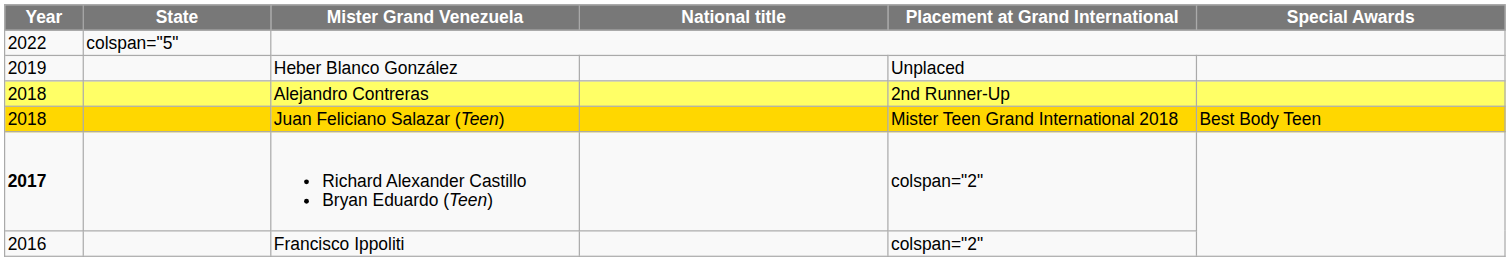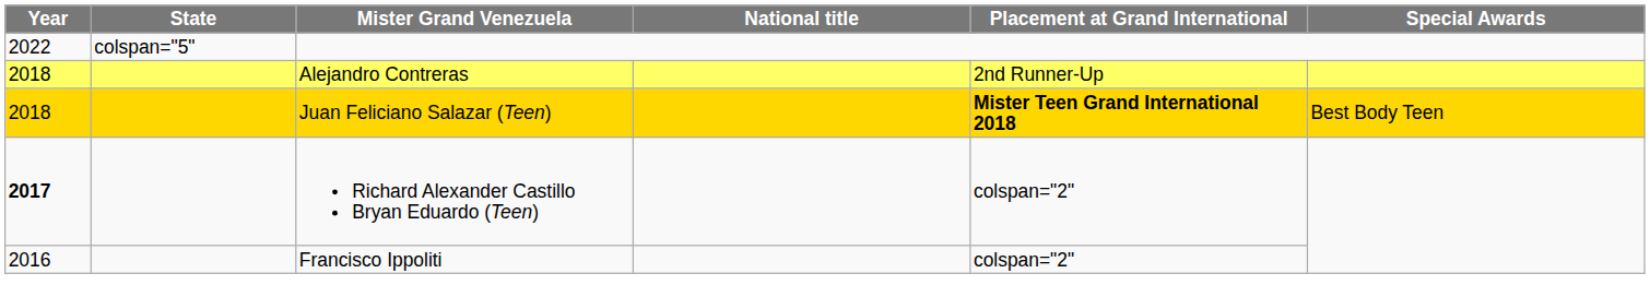 <table class="sortable" border="5" cellpadding="2" cellspacing="0" align=" 0 1em 0 0" style="background: #f9f9f9; border: 1px #aaa solid; border-collapse: collapse; font-size: 90%">
 <tr>
 <th width="60" style="background-color:#787878;color:#FFFFFF;">Year</th>
 <th width="150" style="background-color:#787878;color:#FFFFFF;">State</th>
 <th width="250" style="background-color:#787878;color:#FFFFFF;">Mister Grand Venezuela</th>
 <th width="250" style="background-color:#787878;color:#FFFFFF;">National title</th>
 <th width="250" style="background-color:#787878;color:#FFFFFF;">Placement at Grand International</th>
 <th width="250" style="background-color:#787878;color:#FFFFFF;">Special Awards</th>
 </tr>
 <tr>
 <td>2022</td>
 <td>colspan="5" </td>
-</tr>
-<tr>
-<td>2019</td>
-<td></td>
-<td>Heber Blanco González</td>
-<td></td>
-<td>Unplaced</td>
-<td></td>
 </tr>
 <tr bgcolor="#FFFF66">
 <td>2018</td>
 <td></td>
 <td>Alejandro Contreras</td>
 <td></td>
 <td>2nd Runner-Up</td>
 <td></td>
 </tr>
 <tr bgcolor="gold">
 <td>2018</td>
 <td></td>
 <td>Juan Feliciano Salazar (<em>Teen</em>)</td>
 <td></td>
-<td>Mister Teen Grand International 2018</td>
+<td><strong>Mister Teen Grand International 2018</strong></td>
 <td>Best Body Teen</td>
 </tr>
 <tr>
 <td><strong>2017</strong></td>
 <td></td>
 <td><br><ul><li>Richard Alexander Castillo</li><li>Bryan Eduardo (<em>Teen</em>)</li></ul></td>
 <td></td>
 <td>colspan="2" </td>
 </tr>
 <tr>
 <td>2016</td>
 <td></td>
 <td>Francisco Ippoliti</td>
 <td></td>
 <td>colspan="2" </td>
 </tr>
 </table>
